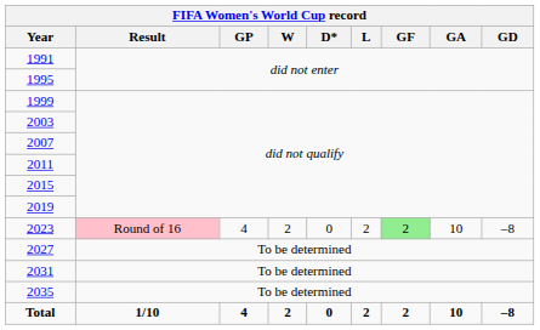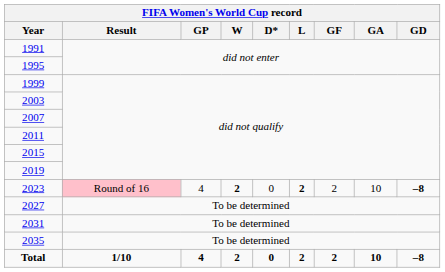 <table class="wikitable" style="text-align: center; width:50%;">
 <tr>
 <th colspan=10><a href='#'>FIFA Women's World Cup</a> record</th>
 </tr>
 <tr>
 <th>Year</th>
 <th>Result</th>
 <th>GP</th>
 <th>W</th>
 <th>D*</th>
 <th>L</th>
 <th>GF</th>
 <th>GA</th>
 <th>GD</th>
 </tr>
 <tr>
 <td> <a href='#'>1991</a></td>
 <td rowspan=2 colspan=8><em>did not enter</em></td>
 </tr>
 <tr>
 <td> <a href='#'>1995</a></td>
 </tr>
 <tr>
 <td> <a href='#'>1999</a></td>
 <td rowspan=6 colspan=8><em>did not qualify</em></td>
 </tr>
 <tr>
 <td> <a href='#'>2003</a></td>
 </tr>
 <tr>
 <td> <a href='#'>2007</a></td>
 </tr>
 <tr>
 <td> <a href='#'>2011</a></td>
 </tr>
 <tr>
 <td> <a href='#'>2015</a></td>
 </tr>
 <tr>
 <td> <a href='#'>2019</a></td>
 </tr>
 <tr>
 <td> <a href='#'>2023</a></td>
 <td style="background: pink;">Round of 16</td>
 <td>4</td>
+<td><strong>2</strong></td>
+<td>0</td>
+<td><strong>2</strong></td>
 <td>2</td>
-<td>0</td>
-<td>2</td>
-<td style="background: lightgreen;">2</td>
 <td>10</td>
-<td>–8</td>
+<td><strong>–8</strong></td>
 </tr>
 <tr>
 <td> <a href='#'>2027</a></td>
 <td colspan=8 rowspan=1>To be determined</td>
 </tr>
 <tr>
 <td> <a href='#'>2031</a></td>
 <td colspan=8 rowspan=1>To be determined</td>
 </tr>
 <tr>
 <td> <a href='#'>2035</a></td>
 <td colspan=8 rowspan=1>To be determined</td>
 </tr>
 <tr>
 <td><strong>Total</strong></td>
 <td><strong>1/10</strong></td>
 <td><strong>4</strong></td>
 <td><strong>2</strong></td>
 <td><strong>0</strong></td>
 <td><strong>2</strong></td>
 <td><strong>2</strong></td>
 <td><strong>10</strong></td>
 <td><strong>–8</strong></td>
 </tr>
 </table>
